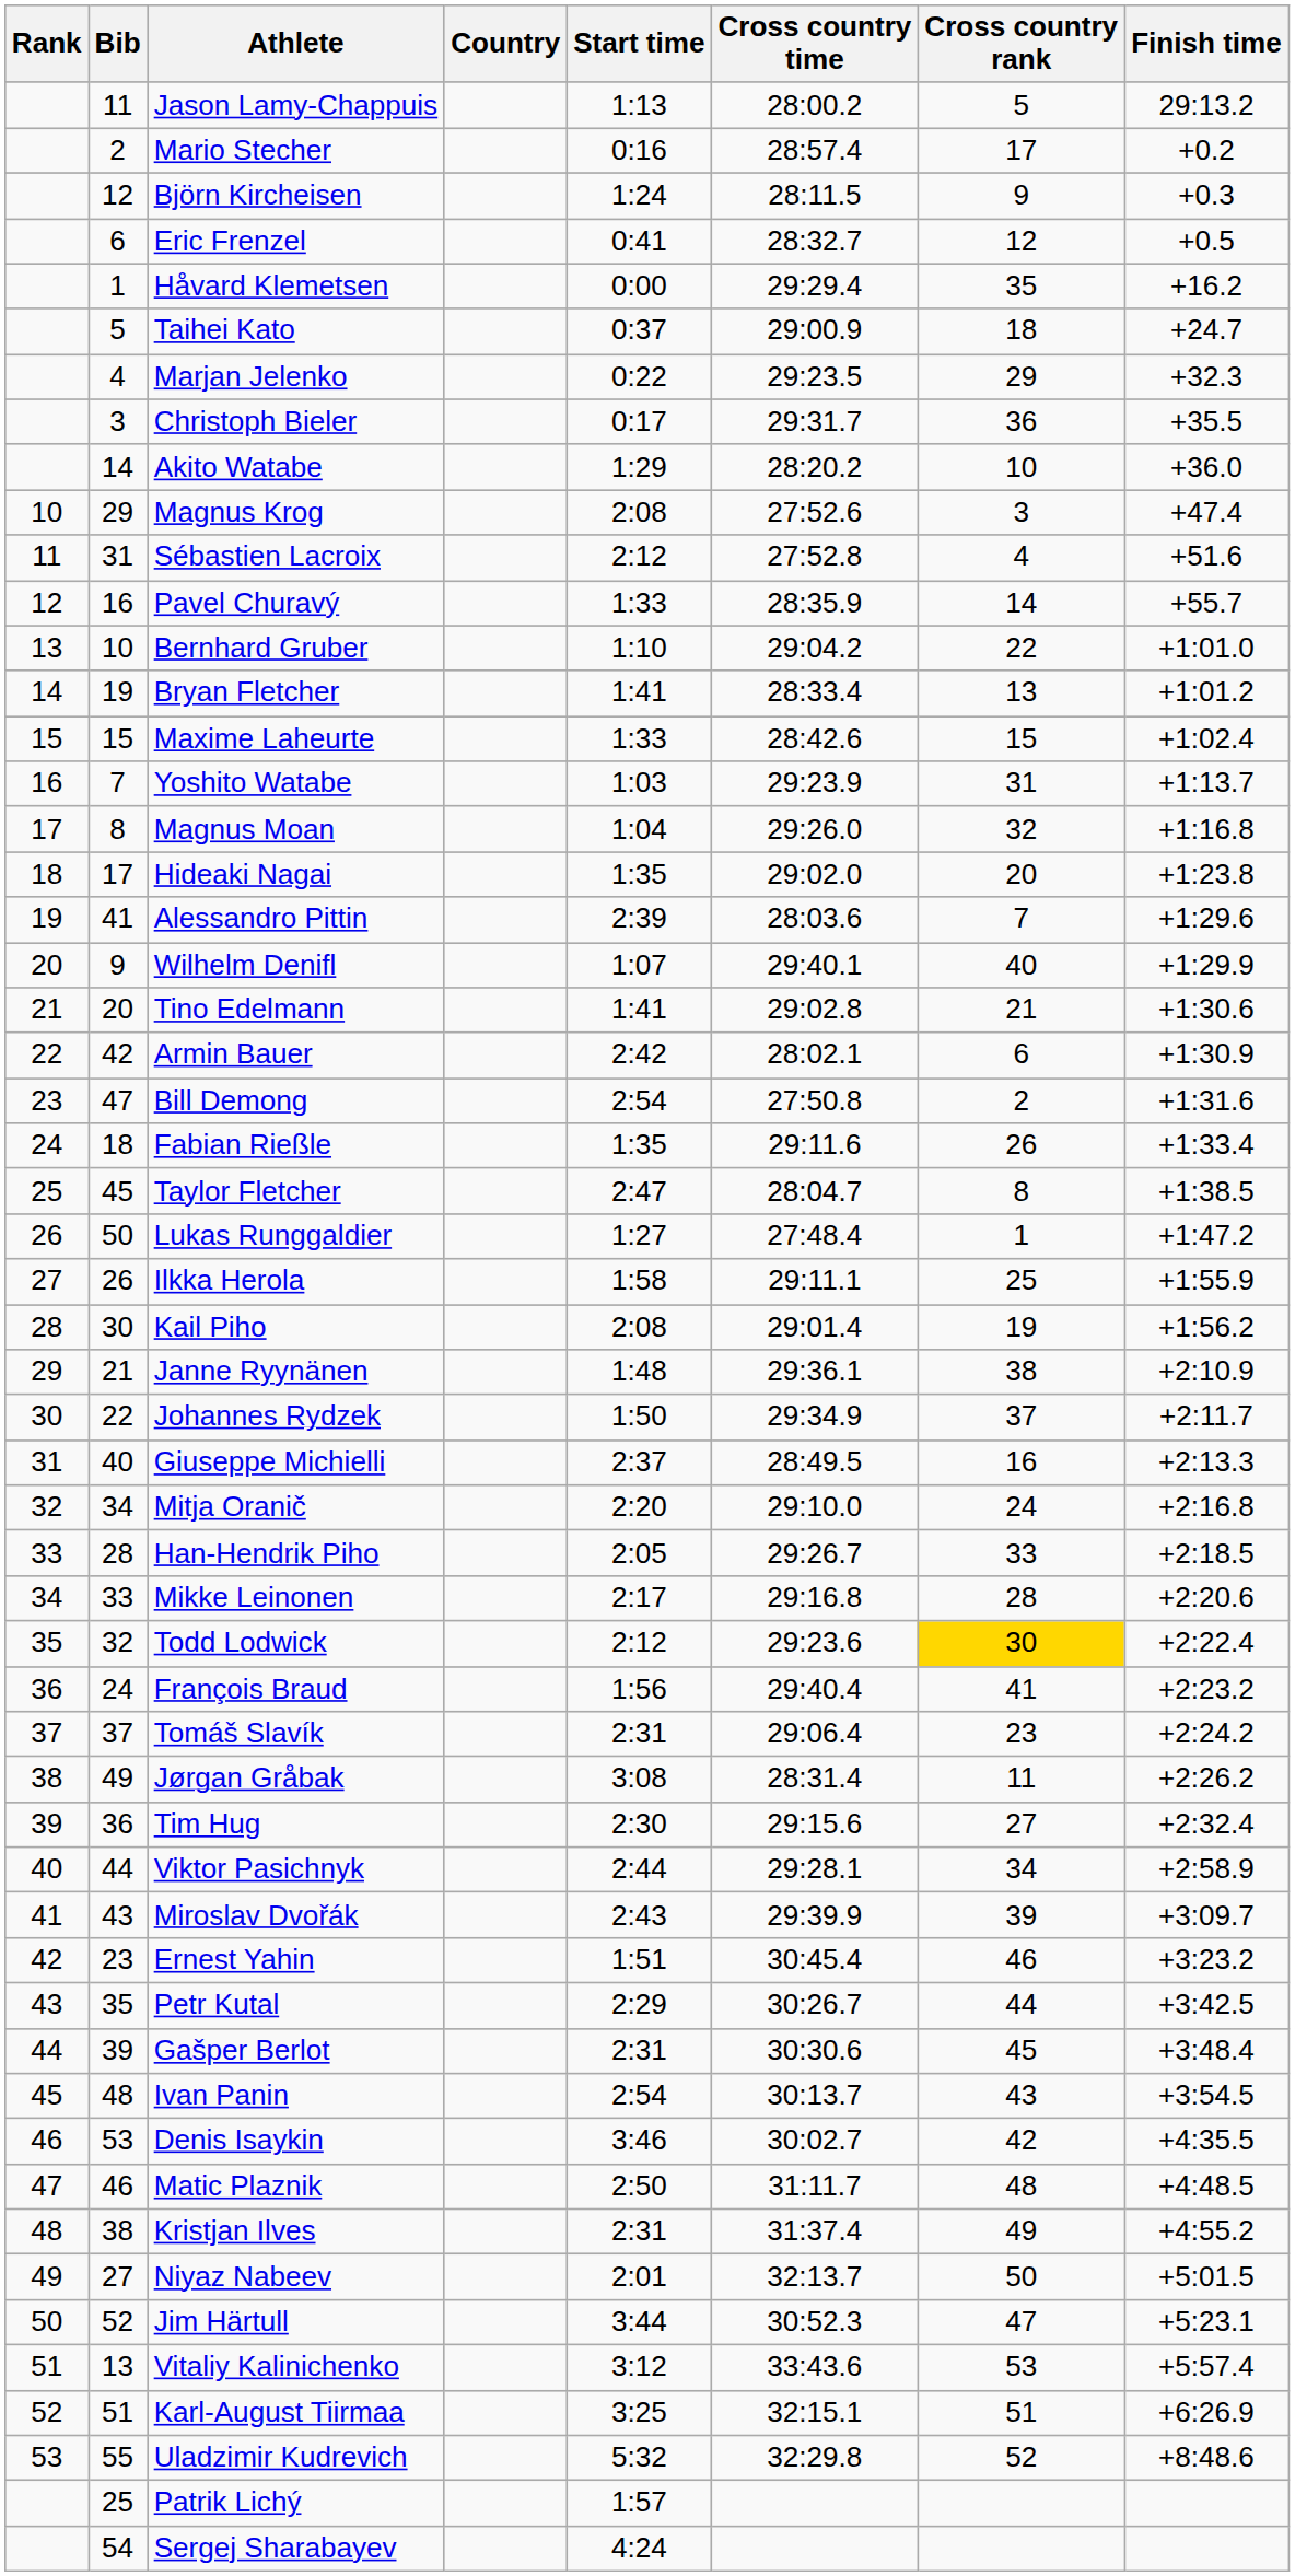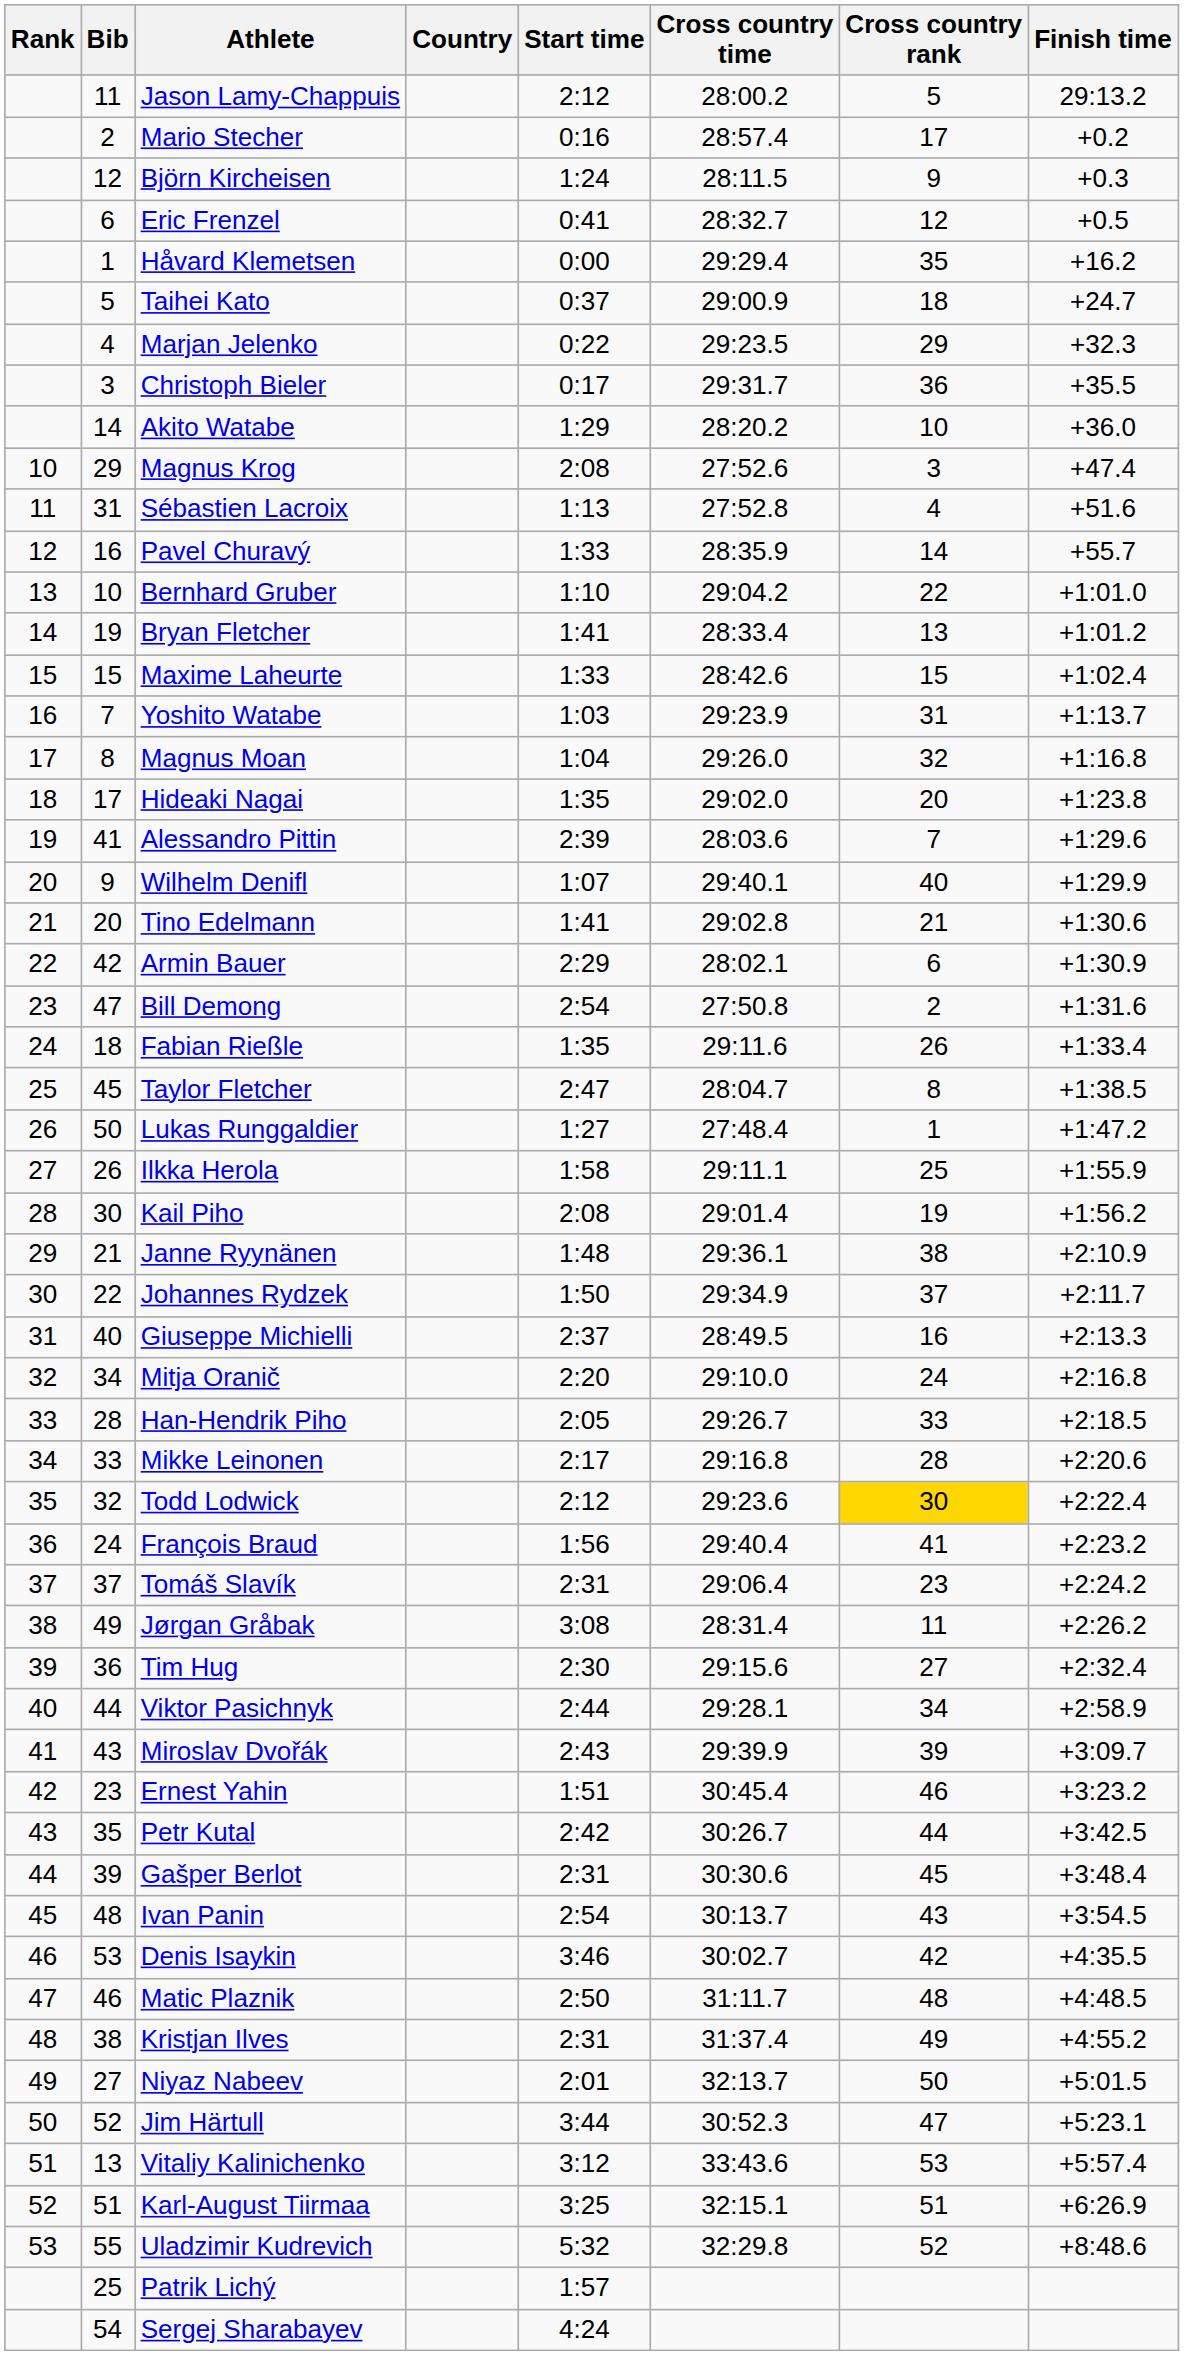 <table class="wikitable sortable" style="text-align:center">
 <tr>
 <th>Rank</th>
 <th>Bib</th>
 <th>Athlete</th>
 <th>Country</th>
 <th>Start time</th>
 <th>Cross country<br>time</th>
 <th>Cross country<br>rank</th>
 <th>Finish time</th>
 </tr>
 <tr>
 <td></td>
 <td>11</td>
 <td align=left><a href='#'>Jason Lamy-Chappuis</a></td>
 <td align=left></td>
-<td>1:13</td>
+<td>2:12</td>
 <td>28:00.2</td>
 <td>5</td>
 <td>29:13.2</td>
 </tr>
 <tr>
 <td></td>
 <td>2</td>
 <td align=left><a href='#'>Mario Stecher</a></td>
 <td align=left></td>
 <td>0:16</td>
 <td>28:57.4</td>
 <td>17</td>
 <td>+0.2</td>
 </tr>
 <tr>
 <td></td>
 <td>12</td>
 <td align=left><a href='#'>Björn Kircheisen</a></td>
 <td align=left></td>
 <td>1:24</td>
 <td>28:11.5</td>
 <td>9</td>
 <td>+0.3</td>
 </tr>
 <tr>
 <td></td>
 <td>6</td>
 <td align=left><a href='#'>Eric Frenzel</a></td>
 <td align=left></td>
 <td>0:41</td>
 <td>28:32.7</td>
 <td>12</td>
 <td>+0.5</td>
 </tr>
 <tr>
 <td></td>
 <td>1</td>
 <td align=left><a href='#'>Håvard Klemetsen</a></td>
 <td align=left></td>
 <td>0:00</td>
 <td>29:29.4</td>
 <td>35</td>
 <td>+16.2</td>
 </tr>
 <tr>
 <td></td>
 <td>5</td>
 <td align=left><a href='#'>Taihei Kato</a></td>
 <td align=left></td>
 <td>0:37</td>
 <td>29:00.9</td>
 <td>18</td>
 <td>+24.7</td>
 </tr>
 <tr>
 <td></td>
 <td>4</td>
 <td align=left><a href='#'>Marjan Jelenko</a></td>
 <td align=left></td>
 <td>0:22</td>
 <td>29:23.5</td>
 <td>29</td>
 <td>+32.3</td>
 </tr>
 <tr>
 <td></td>
 <td>3</td>
 <td align=left><a href='#'>Christoph Bieler</a></td>
 <td align=left></td>
 <td>0:17</td>
 <td>29:31.7</td>
 <td>36</td>
 <td>+35.5</td>
 </tr>
 <tr>
 <td></td>
 <td>14</td>
 <td align=left><a href='#'>Akito Watabe</a></td>
 <td align=left></td>
 <td>1:29</td>
 <td>28:20.2</td>
 <td>10</td>
 <td>+36.0</td>
 </tr>
 <tr>
 <td>10</td>
 <td>29</td>
 <td align=left><a href='#'>Magnus Krog</a></td>
 <td align=left></td>
 <td>2:08</td>
 <td>27:52.6</td>
 <td>3</td>
 <td>+47.4</td>
 </tr>
 <tr>
 <td>11</td>
 <td>31</td>
 <td align=left><a href='#'>Sébastien Lacroix</a></td>
 <td align=left></td>
-<td>2:12</td>
+<td>1:13</td>
 <td>27:52.8</td>
 <td>4</td>
 <td>+51.6</td>
 </tr>
 <tr>
 <td>12</td>
 <td>16</td>
 <td align=left><a href='#'>Pavel Churavý</a></td>
 <td align=left></td>
 <td>1:33</td>
 <td>28:35.9</td>
 <td>14</td>
 <td>+55.7</td>
 </tr>
 <tr>
 <td>13</td>
 <td>10</td>
 <td align=left><a href='#'>Bernhard Gruber</a></td>
 <td align=left></td>
 <td>1:10</td>
 <td>29:04.2</td>
 <td>22</td>
 <td>+1:01.0</td>
 </tr>
 <tr>
 <td>14</td>
 <td>19</td>
 <td align=left><a href='#'>Bryan Fletcher</a></td>
 <td align=left></td>
 <td>1:41</td>
 <td>28:33.4</td>
 <td>13</td>
 <td>+1:01.2</td>
 </tr>
 <tr>
 <td>15</td>
 <td>15</td>
 <td align=left><a href='#'>Maxime Laheurte</a></td>
 <td align=left></td>
 <td>1:33</td>
 <td>28:42.6</td>
 <td>15</td>
 <td>+1:02.4</td>
 </tr>
 <tr>
 <td>16</td>
 <td>7</td>
 <td align=left><a href='#'>Yoshito Watabe</a></td>
 <td align=left></td>
 <td>1:03</td>
 <td>29:23.9</td>
 <td>31</td>
 <td>+1:13.7</td>
 </tr>
 <tr>
 <td>17</td>
 <td>8</td>
 <td align=left><a href='#'>Magnus Moan</a></td>
 <td align=left></td>
 <td>1:04</td>
 <td>29:26.0</td>
 <td>32</td>
 <td>+1:16.8</td>
 </tr>
 <tr>
 <td>18</td>
 <td>17</td>
 <td align=left><a href='#'>Hideaki Nagai</a></td>
 <td align=left></td>
 <td>1:35</td>
 <td>29:02.0</td>
 <td>20</td>
 <td>+1:23.8</td>
 </tr>
 <tr>
 <td>19</td>
 <td>41</td>
 <td align=left><a href='#'>Alessandro Pittin</a></td>
 <td align=left></td>
 <td>2:39</td>
 <td>28:03.6</td>
 <td>7</td>
 <td>+1:29.6</td>
 </tr>
 <tr>
 <td>20</td>
 <td>9</td>
 <td align=left><a href='#'>Wilhelm Denifl</a></td>
 <td align=left></td>
 <td>1:07</td>
 <td>29:40.1</td>
 <td>40</td>
 <td>+1:29.9</td>
 </tr>
 <tr>
 <td>21</td>
 <td>20</td>
 <td align=left><a href='#'>Tino Edelmann</a></td>
 <td align=left></td>
 <td>1:41</td>
 <td>29:02.8</td>
 <td>21</td>
 <td>+1:30.6</td>
 </tr>
 <tr>
 <td>22</td>
 <td>42</td>
 <td align=left><a href='#'>Armin Bauer</a></td>
 <td align=left></td>
-<td>2:42</td>
+<td>2:29</td>
 <td>28:02.1</td>
 <td>6</td>
 <td>+1:30.9</td>
 </tr>
 <tr>
 <td>23</td>
 <td>47</td>
 <td align=left><a href='#'>Bill Demong</a></td>
 <td align=left></td>
 <td>2:54</td>
 <td>27:50.8</td>
 <td>2</td>
 <td>+1:31.6</td>
 </tr>
 <tr>
 <td>24</td>
 <td>18</td>
 <td align=left><a href='#'>Fabian Rießle</a></td>
 <td align=left></td>
 <td>1:35</td>
 <td>29:11.6</td>
 <td>26</td>
 <td>+1:33.4</td>
 </tr>
 <tr>
 <td>25</td>
 <td>45</td>
 <td align=left><a href='#'>Taylor Fletcher</a></td>
 <td align=left></td>
 <td>2:47</td>
 <td>28:04.7</td>
 <td>8</td>
 <td>+1:38.5</td>
 </tr>
 <tr>
 <td>26</td>
 <td>50</td>
 <td align=left><a href='#'>Lukas Runggaldier</a></td>
 <td align=left></td>
 <td>1:27</td>
 <td>27:48.4</td>
 <td>1</td>
 <td>+1:47.2</td>
 </tr>
 <tr>
 <td>27</td>
 <td>26</td>
 <td align=left><a href='#'>Ilkka Herola</a></td>
 <td align=left></td>
 <td>1:58</td>
 <td>29:11.1</td>
 <td>25</td>
 <td>+1:55.9</td>
 </tr>
 <tr>
 <td>28</td>
 <td>30</td>
 <td align=left><a href='#'>Kail Piho</a></td>
 <td align=left></td>
 <td>2:08</td>
 <td>29:01.4</td>
 <td>19</td>
 <td>+1:56.2</td>
 </tr>
 <tr>
 <td>29</td>
 <td>21</td>
 <td align=left><a href='#'>Janne Ryynänen</a></td>
 <td align=left></td>
 <td>1:48</td>
 <td>29:36.1</td>
 <td>38</td>
 <td>+2:10.9</td>
 </tr>
 <tr>
 <td>30</td>
 <td>22</td>
 <td align=left><a href='#'>Johannes Rydzek</a></td>
 <td align=left></td>
 <td>1:50</td>
 <td>29:34.9</td>
 <td>37</td>
 <td>+2:11.7</td>
 </tr>
 <tr>
 <td>31</td>
 <td>40</td>
 <td align=left><a href='#'>Giuseppe Michielli</a></td>
 <td align=left></td>
 <td>2:37</td>
 <td>28:49.5</td>
 <td>16</td>
 <td>+2:13.3</td>
 </tr>
 <tr>
 <td>32</td>
 <td>34</td>
 <td align=left><a href='#'>Mitja Oranič</a></td>
 <td align=left></td>
 <td>2:20</td>
 <td>29:10.0</td>
 <td>24</td>
 <td>+2:16.8</td>
 </tr>
 <tr>
 <td>33</td>
 <td>28</td>
 <td align=left><a href='#'>Han-Hendrik Piho</a></td>
 <td align=left></td>
 <td>2:05</td>
 <td>29:26.7</td>
 <td>33</td>
 <td>+2:18.5</td>
 </tr>
 <tr>
 <td>34</td>
 <td>33</td>
 <td align=left><a href='#'>Mikke Leinonen</a></td>
 <td align=left></td>
 <td>2:17</td>
 <td>29:16.8</td>
 <td>28</td>
 <td>+2:20.6</td>
 </tr>
 <tr>
 <td>35</td>
 <td>32</td>
 <td align=left><a href='#'>Todd Lodwick</a></td>
 <td align=left></td>
 <td>2:12</td>
 <td>29:23.6</td>
 <td style="background: gold;">30</td>
 <td>+2:22.4</td>
 </tr>
 <tr>
 <td>36</td>
 <td>24</td>
 <td align=left><a href='#'>François Braud</a></td>
 <td align=left></td>
 <td>1:56</td>
 <td>29:40.4</td>
 <td>41</td>
 <td>+2:23.2</td>
 </tr>
 <tr>
 <td>37</td>
 <td>37</td>
 <td align=left><a href='#'>Tomáš Slavík</a></td>
 <td align=left></td>
 <td>2:31</td>
 <td>29:06.4</td>
 <td>23</td>
 <td>+2:24.2</td>
 </tr>
 <tr>
 <td>38</td>
 <td>49</td>
 <td align=left><a href='#'>Jørgan Gråbak</a></td>
 <td align=left></td>
 <td>3:08</td>
 <td>28:31.4</td>
 <td>11</td>
 <td>+2:26.2</td>
 </tr>
 <tr>
 <td>39</td>
 <td>36</td>
 <td align=left><a href='#'>Tim Hug</a></td>
 <td align=left></td>
 <td>2:30</td>
 <td>29:15.6</td>
 <td>27</td>
 <td>+2:32.4</td>
 </tr>
 <tr>
 <td>40</td>
 <td>44</td>
 <td align=left><a href='#'>Viktor Pasichnyk</a></td>
 <td align=left></td>
 <td>2:44</td>
 <td>29:28.1</td>
 <td>34</td>
 <td>+2:58.9</td>
 </tr>
 <tr>
 <td>41</td>
 <td>43</td>
 <td align=left><a href='#'>Miroslav Dvořák</a></td>
 <td align=left></td>
 <td>2:43</td>
 <td>29:39.9</td>
 <td>39</td>
 <td>+3:09.7</td>
 </tr>
 <tr>
 <td>42</td>
 <td>23</td>
 <td align=left><a href='#'>Ernest Yahin</a></td>
 <td align=left></td>
 <td>1:51</td>
 <td>30:45.4</td>
 <td>46</td>
 <td>+3:23.2</td>
 </tr>
 <tr>
 <td>43</td>
 <td>35</td>
 <td align=left><a href='#'>Petr Kutal</a></td>
 <td align=left></td>
-<td>2:29</td>
+<td>2:42</td>
 <td>30:26.7</td>
 <td>44</td>
 <td>+3:42.5</td>
 </tr>
 <tr>
 <td>44</td>
 <td>39</td>
 <td align=left><a href='#'>Gašper Berlot</a></td>
 <td align=left></td>
 <td>2:31</td>
 <td>30:30.6</td>
 <td>45</td>
 <td>+3:48.4</td>
 </tr>
 <tr>
 <td>45</td>
 <td>48</td>
 <td align=left><a href='#'>Ivan Panin</a></td>
 <td align=left></td>
 <td>2:54</td>
 <td>30:13.7</td>
 <td>43</td>
 <td>+3:54.5</td>
 </tr>
 <tr>
 <td>46</td>
 <td>53</td>
 <td align=left><a href='#'>Denis Isaykin</a></td>
 <td align=left></td>
 <td>3:46</td>
 <td>30:02.7</td>
 <td>42</td>
 <td>+4:35.5</td>
 </tr>
 <tr>
 <td>47</td>
 <td>46</td>
 <td align=left><a href='#'>Matic Plaznik</a></td>
 <td align=left></td>
 <td>2:50</td>
 <td>31:11.7</td>
 <td>48</td>
 <td>+4:48.5</td>
 </tr>
 <tr>
 <td>48</td>
 <td>38</td>
 <td align=left><a href='#'>Kristjan Ilves</a></td>
 <td align=left></td>
 <td>2:31</td>
 <td>31:37.4</td>
 <td>49</td>
 <td>+4:55.2</td>
 </tr>
 <tr>
 <td>49</td>
 <td>27</td>
 <td align=left><a href='#'>Niyaz Nabeev</a></td>
 <td align=left></td>
 <td>2:01</td>
 <td>32:13.7</td>
 <td>50</td>
 <td>+5:01.5</td>
 </tr>
 <tr>
 <td>50</td>
 <td>52</td>
 <td align=left><a href='#'>Jim Härtull</a></td>
 <td align=left></td>
 <td>3:44</td>
 <td>30:52.3</td>
 <td>47</td>
 <td>+5:23.1</td>
 </tr>
 <tr>
 <td>51</td>
 <td>13</td>
 <td align=left><a href='#'>Vitaliy Kalinichenko</a></td>
 <td align=left></td>
 <td>3:12</td>
 <td>33:43.6</td>
 <td>53</td>
 <td>+5:57.4</td>
 </tr>
 <tr>
 <td>52</td>
 <td>51</td>
 <td align=left><a href='#'>Karl-August Tiirmaa</a></td>
 <td align=left></td>
 <td>3:25</td>
 <td>32:15.1</td>
 <td>51</td>
 <td>+6:26.9</td>
 </tr>
 <tr>
 <td>53</td>
 <td>55</td>
 <td align=left><a href='#'>Uladzimir Kudrevich</a></td>
 <td align=left></td>
 <td>5:32</td>
 <td>32:29.8</td>
 <td>52</td>
 <td>+8:48.6</td>
 </tr>
 <tr>
 <td></td>
 <td>25</td>
 <td align=left><a href='#'>Patrik Lichý</a></td>
 <td align=left></td>
 <td>1:57</td>
 <td></td>
 <td></td>
 <td></td>
 </tr>
 <tr>
 <td></td>
 <td>54</td>
 <td align=left><a href='#'>Sergej Sharabayev</a></td>
 <td align=left></td>
 <td>4:24</td>
 <td></td>
 <td></td>
 <td></td>
 </tr>
 </table>
